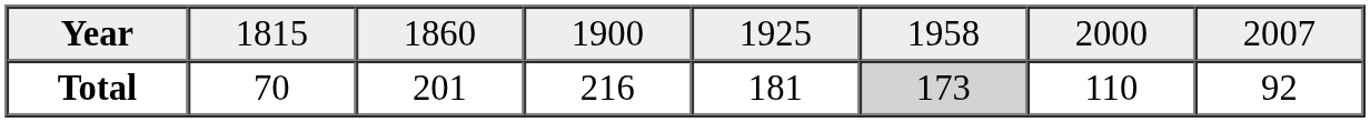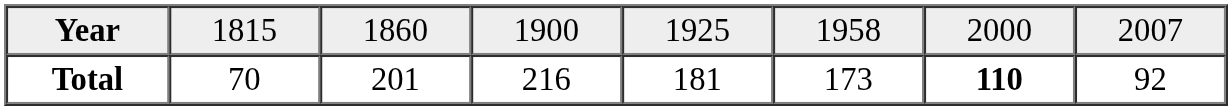 <table border="1" cellpadding="2" cellspacing="0" style="width:600px;">
 <tr style="background:#eee; text-align:center;">
 <td><strong>Year</strong></td>
 <td>1815</td>
 <td>1860</td>
 <td>1900</td>
 <td>1925</td>
 <td>1958</td>
 <td>2000</td>
 <td>2007</td>
 </tr>
 <tr style="text-align:center;">
 <td><strong>Total</strong></td>
 <td>70</td>
 <td>201</td>
 <td>216</td>
 <td>181</td>
-<td style="background: lightgrey;">173</td>
-<td>110</td>
+<td>173</td>
+<td><strong>110</strong></td>
 <td>92</td>
 </tr>
 </table>
